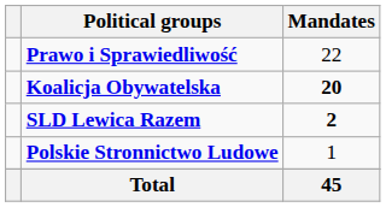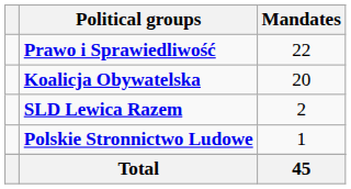 <table class="wikitable">
 <tr>
 <th width=5></th>
 <th>Political groups</th>
 <th>Mandates</th>
 </tr>
 <tr>
 <td style="background:"></td>
 <td><strong><a href='#'>Prawo i Sprawiedliwość</a></strong></td>
 <td align="center">22</td>
 </tr>
 <tr>
 <td style="background:"></td>
 <td><strong><a href='#'>Koalicja Obywatelska</a></strong></td>
-<td align="center"><strong>20</strong></td>
+<td align="center">20</td>
 </tr>
 <tr>
 <td style="background:"></td>
 <td><strong><a href='#'>SLD Lewica Razem</a></strong></td>
-<td align="center"><strong>2</strong></td>
+<td align="center">2</td>
 </tr>
 <tr>
 <td style="background:"></td>
 <td><strong><a href='#'>Polskie Stronnictwo Ludowe</a></strong></td>
 <td align="center">1</td>
 </tr>
 <tr>
 </tr>
 <tr bgcolor="#ececec">
 <th></th>
 <th>Total</th>
 <th align="center">45</th>
 </tr>
 </table>
